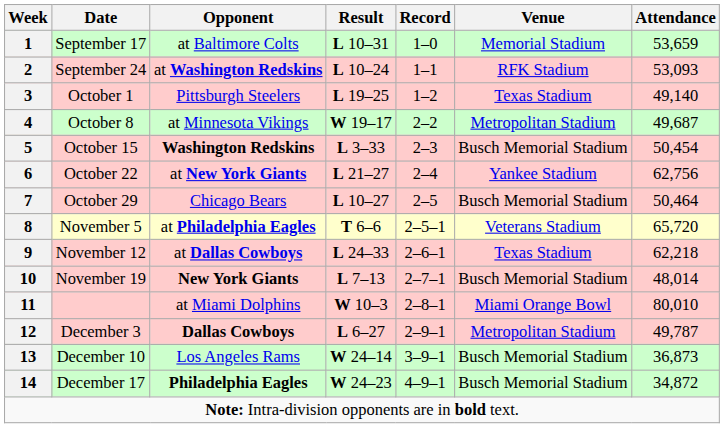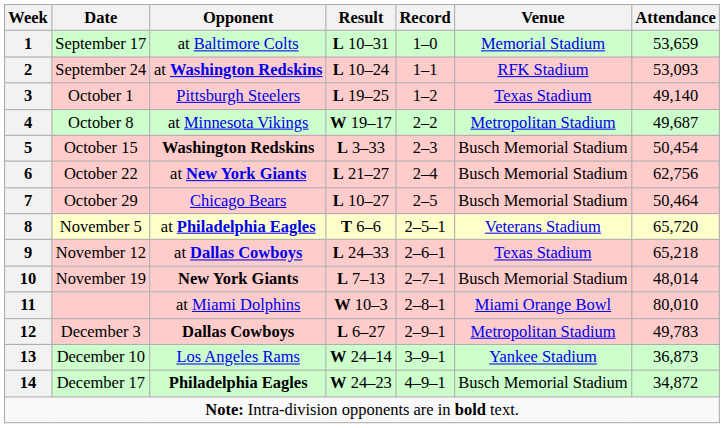 <table class="wikitable" style="text-align:center">
 <tr>
 <th>Week</th>
 <th>Date</th>
 <th>Opponent</th>
 <th>Result</th>
 <th>Record</th>
 <th>Venue</th>
 <th>Attendance</th>
 </tr>
 <tr style="background:#cfc">
 <th>1</th>
 <td>September 17</td>
 <td>at <a href='#'>Baltimore Colts</a></td>
 <td><strong>L</strong> 10–31</td>
 <td>1–0</td>
 <td><a href='#'>Memorial Stadium</a></td>
 <td>53,659</td>
 </tr>
 <tr style="background:#fcc">
 <th>2</th>
 <td>September 24</td>
 <td>at <strong><a href='#'>Washington Redskins</a></strong></td>
 <td><strong>L</strong> 10–24</td>
 <td>1–1</td>
 <td><a href='#'>RFK Stadium</a></td>
 <td>53,093</td>
 </tr>
 <tr style="background:#fcc">
 <th>3</th>
 <td>October 1</td>
 <td><a href='#'>Pittsburgh Steelers</a></td>
 <td><strong>L</strong> 19–25</td>
 <td>1–2</td>
 <td><a href='#'>Texas Stadium</a></td>
 <td>49,140</td>
 </tr>
 <tr style="background:#cfc">
 <th>4</th>
 <td>October 8</td>
 <td>at <a href='#'>Minnesota Vikings</a></td>
 <td><strong>W</strong> 19–17</td>
 <td>2–2</td>
 <td><a href='#'>Metropolitan Stadium</a></td>
 <td>49,687</td>
 </tr>
 <tr style="background:#fcc">
 <th>5</th>
 <td>October 15</td>
 <td><strong>Washington Redskins</strong></td>
 <td><strong>L</strong> 3–33</td>
 <td>2–3</td>
 <td>Busch Memorial Stadium</td>
 <td>50,454</td>
 </tr>
 <tr style="background:#fcc">
 <th>6</th>
 <td>October 22</td>
 <td>at <strong><a href='#'>New York Giants</a></strong></td>
 <td><strong>L</strong> 21–27</td>
 <td>2–4</td>
-<td><a href='#'>Yankee Stadium</a></td>
+<td>Busch Memorial Stadium</td>
 <td>62,756</td>
 </tr>
 <tr style="background:#fcc">
 <th>7</th>
 <td>October 29</td>
 <td><a href='#'>Chicago Bears</a></td>
 <td><strong>L</strong> 10–27</td>
 <td>2–5</td>
 <td>Busch Memorial Stadium</td>
 <td>50,464</td>
 </tr>
 <tr style="background:#ffc">
 <th>8</th>
 <td>November 5</td>
 <td>at <strong><a href='#'>Philadelphia Eagles</a></strong></td>
 <td><strong>T</strong> 6–6</td>
 <td>2–5–1</td>
 <td><a href='#'>Veterans Stadium</a></td>
 <td>65,720</td>
 </tr>
 <tr style="background:#fcc">
 <th>9</th>
 <td>November 12</td>
 <td>at <strong><a href='#'>Dallas Cowboys</a></strong></td>
 <td><strong>L</strong> 24–33</td>
 <td>2–6–1</td>
 <td><a href='#'>Texas Stadium</a></td>
-<td>62,218</td>
+<td>65,218</td>
 </tr>
 <tr style="background:#fcc">
 <th>10</th>
 <td>November 19</td>
 <td><strong>New York Giants</strong></td>
 <td><strong>L</strong> 7–13</td>
 <td>2–7–1</td>
 <td>Busch Memorial Stadium</td>
 <td>48,014</td>
 </tr>
 <tr style="background:#fcc">
 <th>11</th>
 <td></td>
 <td>at <a href='#'>Miami Dolphins</a></td>
 <td><strong>W</strong> 10–3</td>
 <td>2–8–1</td>
 <td><a href='#'>Miami Orange Bowl</a></td>
 <td>80,010</td>
 </tr>
 <tr style="background:#fcc">
 <th>12</th>
 <td>December 3</td>
 <td><strong>Dallas Cowboys</strong></td>
 <td><strong>L</strong> 6–27</td>
 <td>2–9–1</td>
 <td><a href='#'>Metropolitan Stadium</a></td>
-<td>49,787</td>
+<td>49,783</td>
 </tr>
 <tr style="background:#cfc">
 <th>13</th>
 <td>December 10</td>
 <td><a href='#'>Los Angeles Rams</a></td>
 <td><strong>W</strong> 24–14</td>
 <td>3–9–1</td>
-<td>Busch Memorial Stadium</td>
+<td><a href='#'>Yankee Stadium</a></td>
 <td>36,873</td>
 </tr>
 <tr style="background:#cfc">
 <th>14</th>
 <td>December 17</td>
 <td><strong>Philadelphia Eagles</strong></td>
 <td><strong>W</strong> 24–23</td>
 <td>4–9–1</td>
 <td>Busch Memorial Stadium</td>
 <td>34,872</td>
 </tr>
 <tr>
 <td colspan="8"><strong>Note:</strong> Intra-division opponents are in <strong>bold</strong> text.</td>
 </tr>
 </table>
